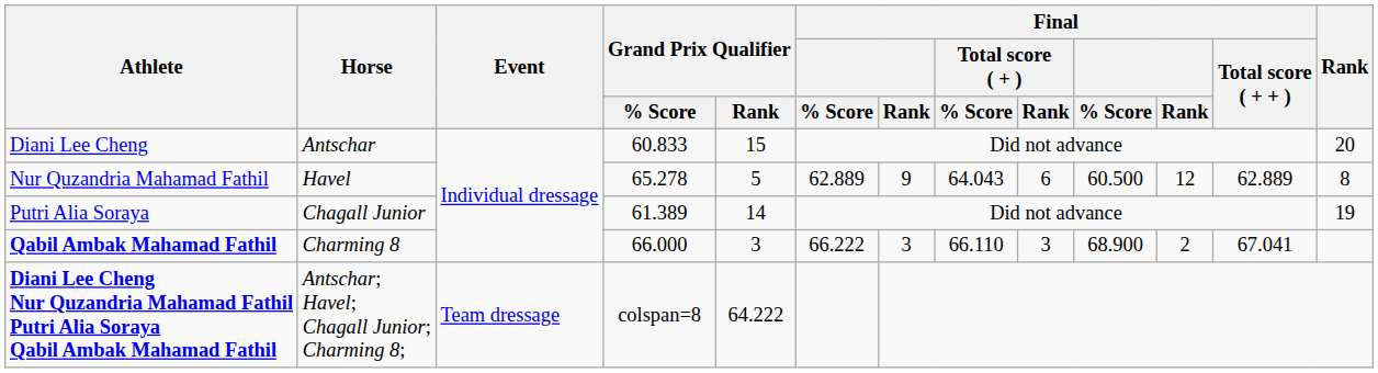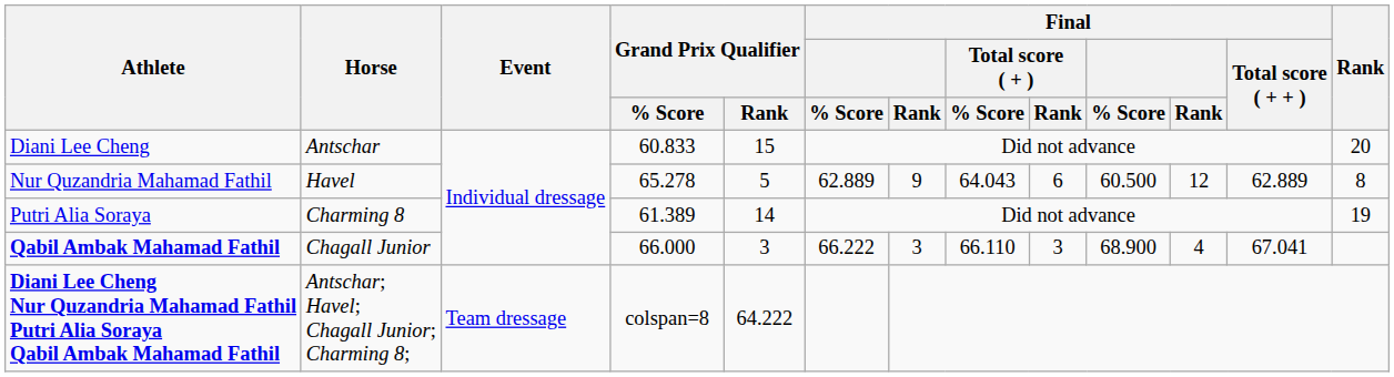 <table class=wikitable style="text-align:center; font-size:90%;">
 <tr>
 <th rowspan=3>Athlete</th>
 <th rowspan=3>Horse</th>
 <th rowspan=3>Event</th>
 <th rowspan=2 colspan=2>Grand Prix Qualifier</th>
 <th colspan=7>Final</th>
 <th rowspan=3>Rank</th>
 </tr>
 <tr>
 <th colspan=2></th>
 <th colspan=2>Total score<br>( + )</th>
 <th colspan=2></th>
 <th rowspan=2>Total score<br>( +  + )</th>
 </tr>
 <tr>
 <th>% Score</th>
 <th>Rank</th>
 <th>% Score</th>
 <th>Rank</th>
 <th>% Score</th>
 <th>Rank</th>
 <th>% Score</th>
 <th>Rank</th>
 </tr>
 <tr>
 <td align=left><a href='#'>Diani Lee Cheng</a></td>
 <td align=left><em>Antschar</em></td>
 <td align=left rowspan=4><a href='#'>Individual dressage</a></td>
 <td>60.833</td>
 <td>15</td>
 <td colspan=7>Did not advance</td>
 <td>20</td>
 </tr>
 <tr>
 <td align=left><a href='#'>Nur Quzandria Mahamad Fathil</a></td>
 <td align=left><em>Havel</em></td>
 <td>65.278</td>
 <td>5 <strong></strong></td>
 <td>62.889</td>
 <td>9</td>
 <td>64.043</td>
 <td>6 <strong></strong></td>
 <td>60.500</td>
 <td>12</td>
 <td>62.889</td>
 <td>8</td>
 </tr>
 <tr>
 <td align=left><a href='#'>Putri Alia Soraya</a></td>
-<td align=left><em>Chagall Junior</em></td>
+<td align=left><em>Charming 8</em></td>
 <td>61.389</td>
 <td>14</td>
 <td colspan=7>Did not advance</td>
 <td>19</td>
 </tr>
 <tr>
 <td align=left><strong><a href='#'>Qabil Ambak Mahamad Fathil</a></strong></td>
-<td align=left><em>Charming 8</em></td>
+<td align=left><em>Chagall Junior</em></td>
 <td>66.000</td>
 <td>3 <strong></strong></td>
 <td>66.222</td>
 <td>3</td>
 <td>66.110</td>
 <td>3 <strong></strong></td>
 <td>68.900</td>
-<td>2</td>
+<td>4</td>
 <td>67.041</td>
 <td></td>
 </tr>
 <tr>
 <td align=left><strong><a href='#'>Diani Lee Cheng</a><br><a href='#'>Nur Quzandria Mahamad Fathil</a><br><a href='#'>Putri Alia Soraya</a><br><a href='#'>Qabil Ambak Mahamad Fathil</a></strong></td>
 <td align=left><em>Antschar</em>;<br><em>Havel</em>;<br><em>Chagall Junior</em>;<br><em>Charming 8</em>;</td>
 <td align=left><a href='#'>Team dressage</a></td>
 <td>colspan=8 </td>
 <td>64.222</td>
 <td></td>
 </tr>
 </table>
